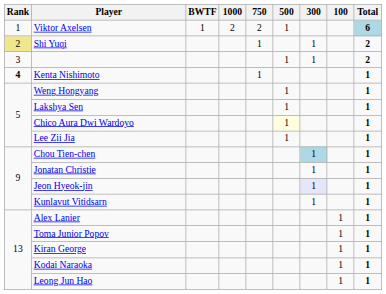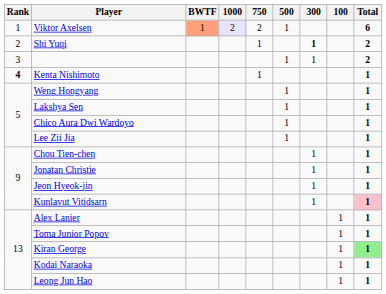 <table class="wikitable" style="font-size:80%; text-align:center">
 <tr>
 <th width="30">Rank</th>
 <th width="200">Player</th>
 <th width="30">BWTF</th>
 <th width="30">1000</th>
 <th width="30">750</th>
 <th width="30">500</th>
 <th width="30">300</th>
 <th width="30">100</th>
 <th width="30">Total</th>
 </tr>
 <tr>
 <td>1</td>
 <td align="left"> <a href='#'>Viktor Axelsen</a></td>
-<td>1</td>
-<td>2</td>
+<td style="background: lightsalmon;">1</td>
+<td style="background: lavender;">2</td>
 <td>2</td>
 <td>1</td>
 <td></td>
 <td></td>
-<td style="background: lightblue;"><strong>6</strong></td>
+<td><strong>6</strong></td>
 </tr>
 <tr>
-<td style="background: khaki;">2</td>
+<td>2</td>
 <td align="left"> <a href='#'>Shi Yuqi</a></td>
 <td></td>
 <td></td>
 <td>1</td>
 <td></td>
-<td>1</td>
+<td><strong>1</strong></td>
 <td></td>
 <td><strong>2</strong></td>
 </tr>
 <tr>
 <td>3</td>
 <td align="left"> </td>
 <td></td>
 <td></td>
 <td></td>
 <td>1</td>
 <td>1</td>
 <td></td>
 <td><strong>2</strong></td>
 </tr>
 <tr>
 <td><strong>4</strong></td>
 <td align="left"> <a href='#'>Kenta Nishimoto</a></td>
 <td></td>
 <td></td>
 <td>1</td>
 <td></td>
 <td></td>
 <td></td>
 <td><strong>1</strong></td>
 </tr>
 <tr>
 <td rowspan=4>5</td>
 <td align="left"> <a href='#'>Weng Hongyang</a></td>
 <td></td>
 <td></td>
 <td></td>
 <td>1</td>
 <td></td>
 <td></td>
 <td><strong>1</strong></td>
 </tr>
 <tr>
 <td align="left"> <a href='#'>Lakshya Sen</a></td>
 <td></td>
 <td></td>
 <td></td>
 <td>1</td>
 <td></td>
 <td></td>
 <td><strong>1</strong></td>
 </tr>
 <tr>
 <td align="left"> <a href='#'>Chico Aura Dwi Wardoyo</a></td>
 <td></td>
 <td></td>
 <td></td>
-<td style="background: lightyellow;">1</td>
+<td>1</td>
 <td></td>
 <td></td>
 <td><strong>1</strong></td>
 </tr>
 <tr>
 <td align="left"> <a href='#'>Lee Zii Jia</a></td>
 <td></td>
 <td></td>
 <td></td>
 <td>1</td>
 <td></td>
 <td></td>
 <td><strong>1</strong></td>
 </tr>
 <tr>
 <td rowspan=4>9</td>
 <td align="left"> <a href='#'>Chou Tien-chen</a></td>
 <td></td>
 <td></td>
 <td></td>
 <td></td>
-<td style="background: lightblue;">1</td>
+<td>1</td>
 <td></td>
 <td><strong>1</strong></td>
 </tr>
 <tr>
 <td align="left"> <a href='#'>Jonatan Christie</a></td>
 <td></td>
 <td></td>
 <td></td>
 <td></td>
 <td>1</td>
 <td></td>
 <td><strong>1</strong></td>
 </tr>
 <tr>
 <td align="left"> <a href='#'>Jeon Hyeok-jin</a></td>
 <td></td>
 <td></td>
 <td></td>
 <td></td>
-<td style="background: lavender;">1</td>
+<td>1</td>
 <td></td>
 <td><strong>1</strong></td>
 </tr>
 <tr>
 <td align="left"> <a href='#'>Kunlavut Vitidsarn</a></td>
 <td></td>
 <td></td>
 <td></td>
 <td></td>
 <td>1</td>
 <td></td>
-<td><strong>1</strong></td>
+<td style="background: pink;"><strong>1</strong></td>
 </tr>
 <tr>
 <td rowspan=5>13</td>
 <td align="left" nowrap> <a href='#'>Alex Lanier</a></td>
 <td></td>
 <td></td>
 <td></td>
 <td></td>
 <td></td>
 <td>1</td>
 <td><strong>1</strong></td>
 </tr>
 <tr>
 <td align="left" nowrap> <a href='#'>Toma Junior Popov</a></td>
 <td></td>
 <td></td>
 <td></td>
 <td></td>
 <td></td>
 <td>1</td>
 <td><strong>1</strong></td>
 </tr>
 <tr>
 <td align="left"> <a href='#'>Kiran George</a></td>
 <td></td>
 <td></td>
 <td></td>
 <td></td>
 <td></td>
 <td>1</td>
-<td><strong>1</strong></td>
+<td style="background: lightgreen;"><strong>1</strong></td>
 </tr>
 <tr>
 <td align="left"> <a href='#'>Kodai Naraoka</a></td>
 <td></td>
 <td></td>
 <td></td>
 <td></td>
 <td></td>
 <td>1</td>
 <td><strong>1</strong></td>
 </tr>
 <tr>
 <td align="left"> <a href='#'>Leong Jun Hao</a></td>
 <td></td>
 <td></td>
 <td></td>
 <td></td>
 <td></td>
 <td>1</td>
 <td><strong>1</strong></td>
 </tr>
 </table>
